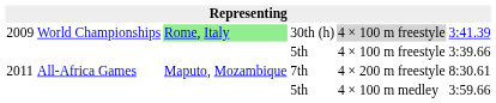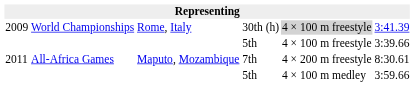 <table>
 <tr>
 <th bgcolor="#eeeeee" colspan="6">Representing </th>
 </tr>
 <tr>
 <td>2009</td>
 <td><a href='#'>World Championships</a></td>
-<td align=left style="background: lightgreen;"> <a href='#'>Rome</a>, <a href='#'>Italy</a></td>
+<td align=left> <a href='#'>Rome</a>, <a href='#'>Italy</a></td>
 <td>30th (h)</td>
 <td style="background: lightgrey;">4 × 100 m freestyle</td>
 <td><a href='#'>3:41.39</a></td>
 </tr>
 <tr>
 <td rowspan=3>2011</td>
 <td rowspan=3><a href='#'>All-Africa Games</a></td>
 <td rowspan=3 align=left> <a href='#'>Maputo</a>, <a href='#'>Mozambique</a></td>
 <td>5th</td>
 <td>4 × 100 m freestyle</td>
 <td>3:39.66</td>
 </tr>
 <tr>
 <td>7th</td>
 <td>4 × 200 m freestyle</td>
 <td>8:30.61</td>
 </tr>
 <tr>
 <td>5th</td>
 <td>4 × 100 m medley</td>
 <td>3:59.66</td>
 </tr>
 </table>
